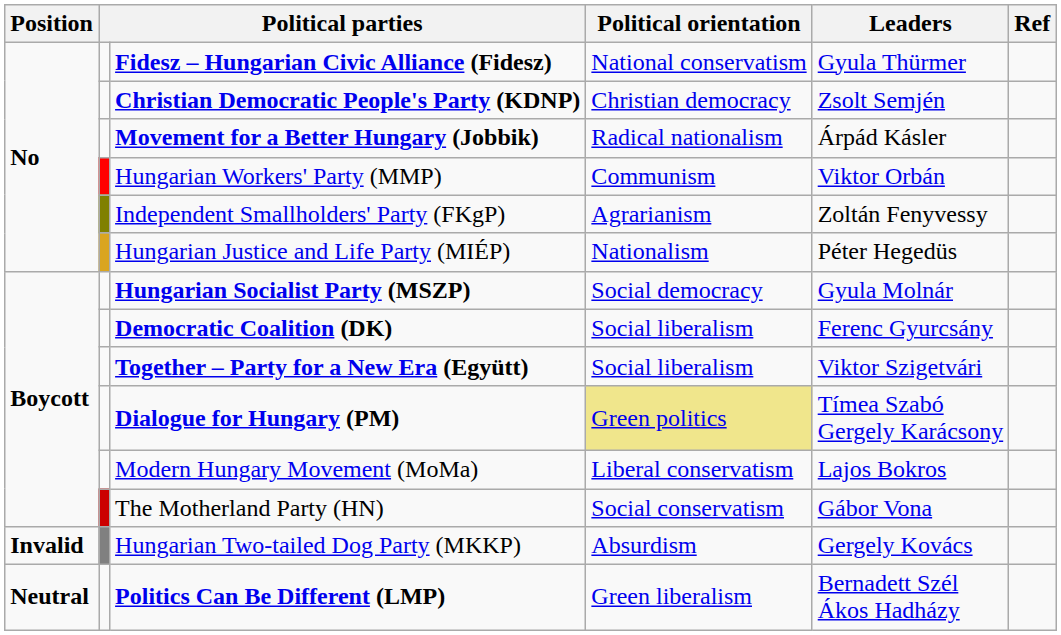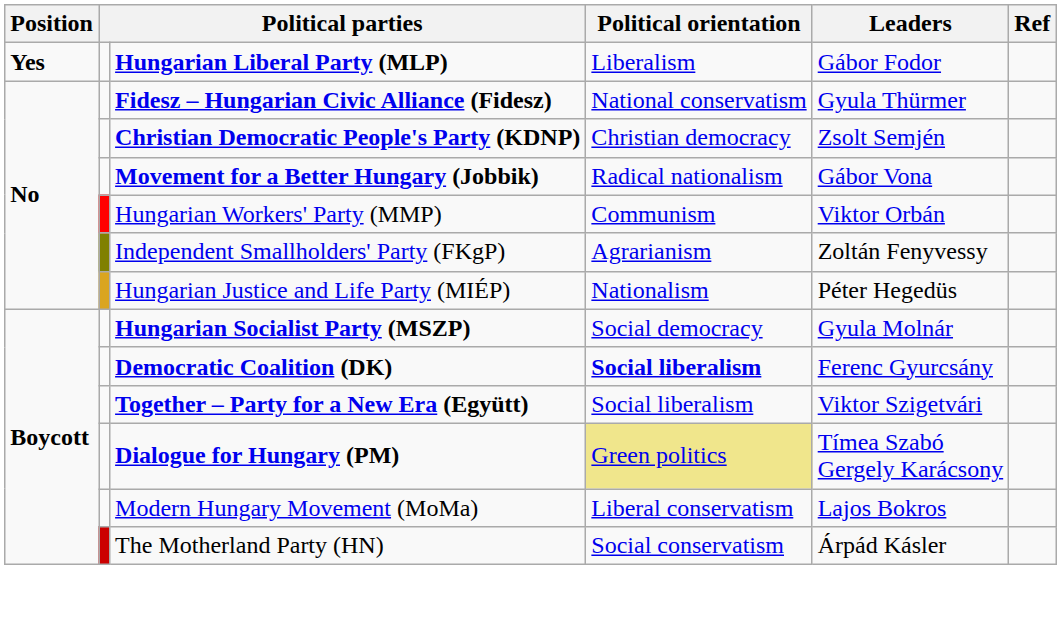 <table class="wikitable">
 <tr>
 <th>Position</th>
 <th colspan=2>Political parties</th>
 <th>Political orientation</th>
 <th>Leaders</th>
 <th>Ref</th>
+</tr>
+<tr>
+<td> <strong>Yes</strong></td>
+<td style="background-color: "></td>
+<td><strong><a href='#'>Hungarian Liberal Party</a> (MLP)</strong></td>
+<td><a href='#'>Liberalism</a></td>
+<td><a href='#'>Gábor Fodor</a></td>
+<td></td>
 </tr>
 <tr>
 <td rowspan=6> <strong>No</strong></td>
 <td style="background-color: "></td>
 <td><strong><a href='#'>Fidesz – Hungarian Civic Alliance</a> (Fidesz)</strong></td>
 <td><a href='#'>National conservatism</a></td>
 <td><a href='#'>Gyula Thürmer</a></td>
 <td></td>
 </tr>
 <tr>
 <td style="background-color: "></td>
 <td><strong><a href='#'>Christian Democratic People's Party</a> (KDNP)</strong></td>
 <td><a href='#'>Christian democracy</a></td>
 <td><a href='#'>Zsolt Semjén</a></td>
 <td></td>
 </tr>
 <tr>
 <td style="background-color: "></td>
 <td><strong><a href='#'>Movement for a Better Hungary</a> (Jobbik)</strong></td>
 <td><a href='#'>Radical nationalism</a></td>
-<td>Árpád Kásler</td>
+<td><a href='#'>Gábor Vona</a></td>
 <td></td>
 </tr>
 <tr>
 <td style="background-color:red"></td>
 <td><a href='#'>Hungarian Workers' Party</a> (MMP)</td>
 <td><a href='#'>Communism</a></td>
 <td><a href='#'>Viktor Orbán</a></td>
 <td></td>
 </tr>
 <tr>
 <td style="background-color:#808000"></td>
 <td><a href='#'>Independent Smallholders' Party</a> (FKgP)</td>
 <td><a href='#'>Agrarianism</a></td>
 <td>Zoltán Fenyvessy</td>
 <td></td>
 </tr>
 <tr>
 <td style="background-color:#DAA520"></td>
 <td><a href='#'>Hungarian Justice and Life Party</a> (MIÉP)</td>
 <td><a href='#'>Nationalism</a></td>
 <td>Péter Hegedüs</td>
 <td></td>
 </tr>
 <tr>
 <td rowspan=6><strong>Boycott</strong></td>
 <td style="background-color: "></td>
 <td><strong><a href='#'>Hungarian Socialist Party</a> (MSZP)</strong></td>
 <td><a href='#'>Social democracy</a></td>
 <td><a href='#'>Gyula Molnár</a></td>
 <td></td>
 </tr>
 <tr>
 <td style="background-color: "></td>
 <td><strong><a href='#'>Democratic Coalition</a> (DK)</strong></td>
-<td><a href='#'>Social liberalism</a></td>
+<td><strong><a href='#'>Social liberalism</a></strong></td>
 <td><a href='#'>Ferenc Gyurcsány</a></td>
 <td></td>
 </tr>
 <tr>
 <td style="background-color: "></td>
 <td><strong><a href='#'>Together – Party for a New Era</a> (Együtt)</strong></td>
 <td><a href='#'>Social liberalism</a></td>
 <td><a href='#'>Viktor Szigetvári</a></td>
 <td></td>
 </tr>
 <tr>
 <td style="background-color: "></td>
 <td><strong><a href='#'>Dialogue for Hungary</a> (PM)</strong></td>
 <td style="background: khaki;"><a href='#'>Green politics</a></td>
 <td><a href='#'>Tímea Szabó</a><br><a href='#'>Gergely Karácsony</a></td>
 <td></td>
 </tr>
 <tr>
 <td style="background-color: "></td>
 <td><a href='#'>Modern Hungary Movement</a> (MoMa)</td>
 <td><a href='#'>Liberal conservatism</a></td>
 <td><a href='#'>Lajos Bokros</a></td>
 <td></td>
 </tr>
 <tr>
 <td style="background-color: #CC0000"></td>
 <td>The Motherland Party (HN)</td>
 <td><a href='#'>Social conservatism</a></td>
-<td><a href='#'>Gábor Vona</a></td>
-<td></td>
-</tr>
-<tr>
-<td><strong>Invalid</strong></td>
-<td style="background-color:gray"></td>
-<td><a href='#'>Hungarian Two-tailed Dog Party</a> (MKKP)</td>
-<td><a href='#'>Absurdism</a></td>
-<td><a href='#'>Gergely Kovács</a></td>
-<td></td>
-</tr>
-<tr>
-<td><strong>Neutral</strong></td>
-<td style="background-color: "></td>
-<td><strong><a href='#'>Politics Can Be Different</a> (LMP)</strong></td>
-<td><a href='#'>Green liberalism</a></td>
-<td><a href='#'>Bernadett Szél</a><br><a href='#'>Ákos Hadházy</a></td>
+<td>Árpád Kásler</td>
 <td></td>
 </tr>
 </table>
